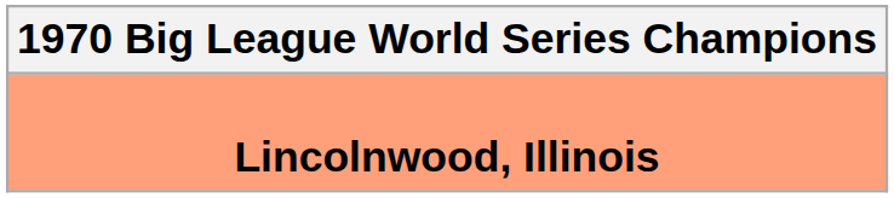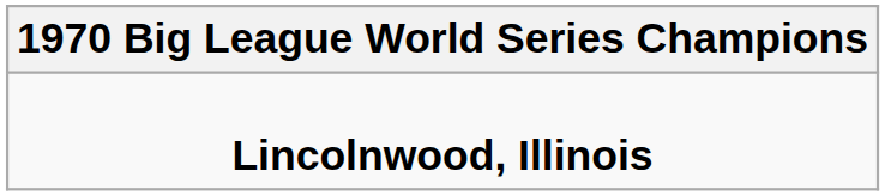 <table class="wikitable" style="text-align: center; margin: 0 auto;">
 <tr>
 <th>1970 Big League World Series Champions</th>
 </tr>
 <tr>
-<td style="background: lightsalmon;"><br><strong>Lincolnwood, Illinois</strong></td>
+<td><br><strong>Lincolnwood, Illinois</strong></td>
 </tr>
 </table>
